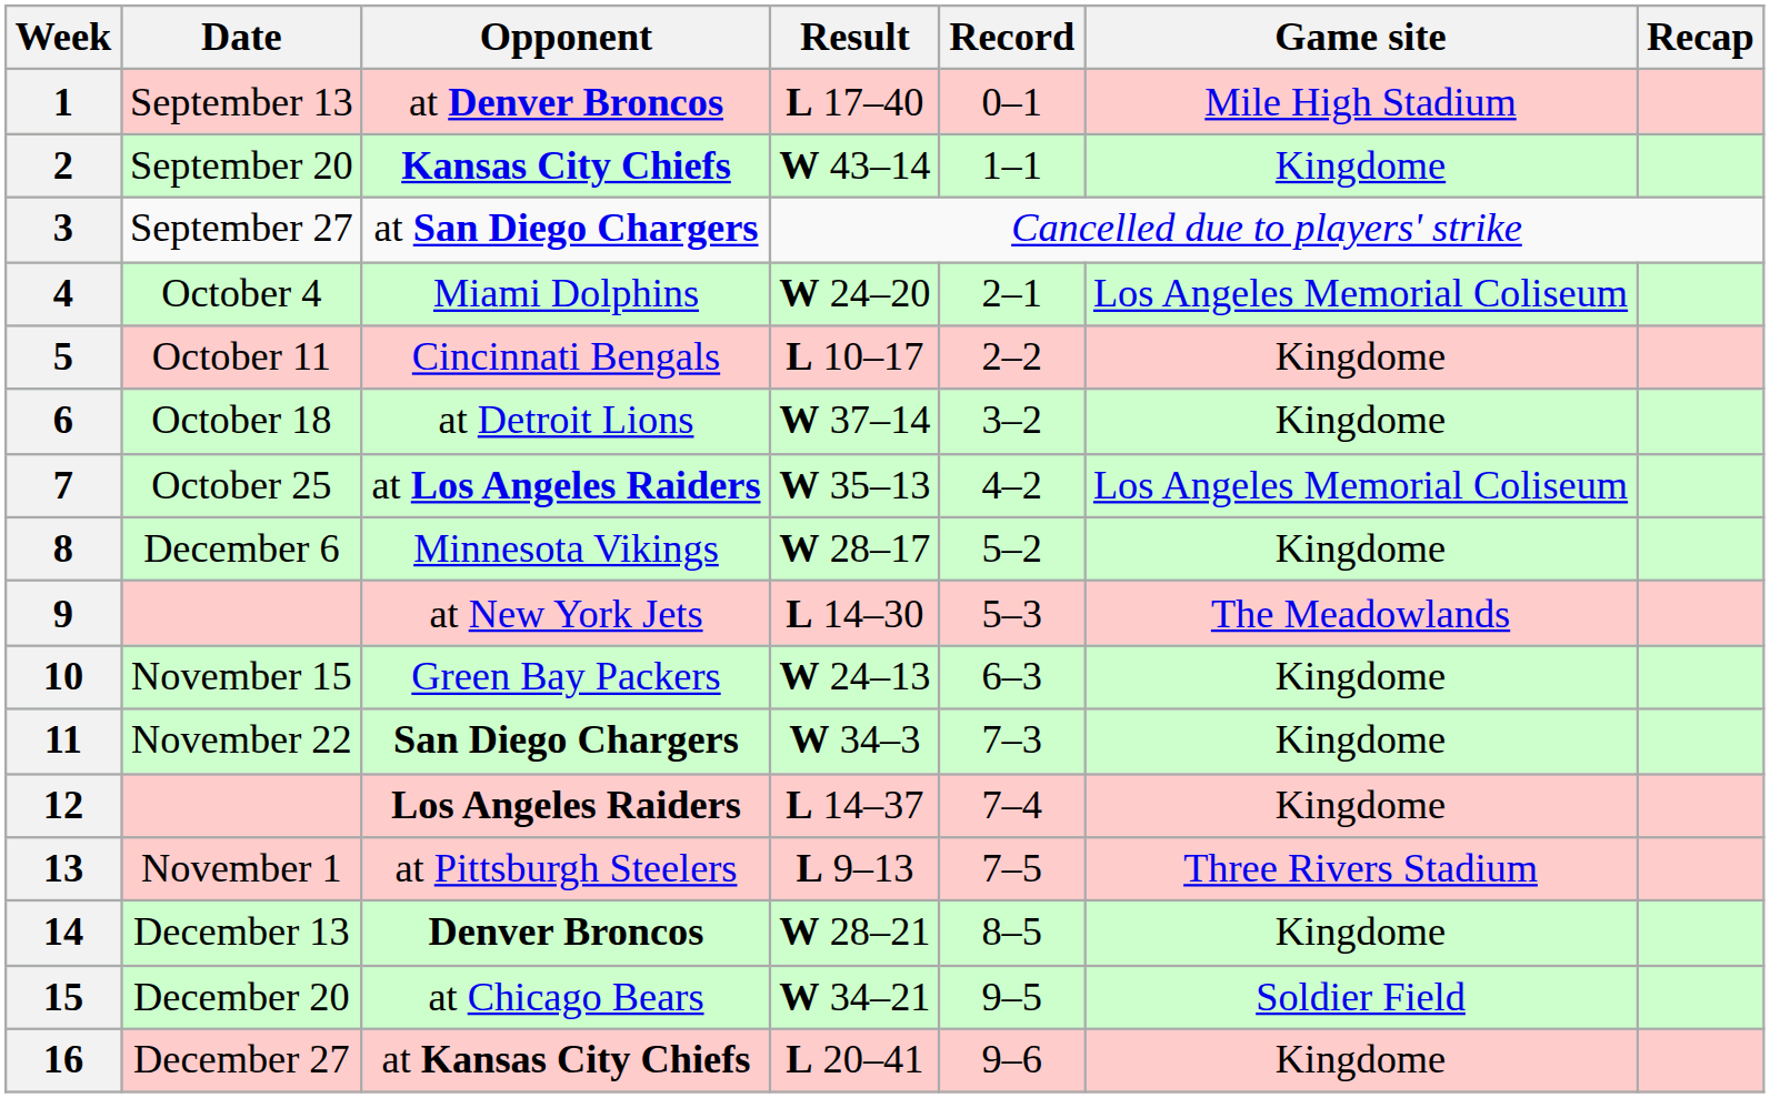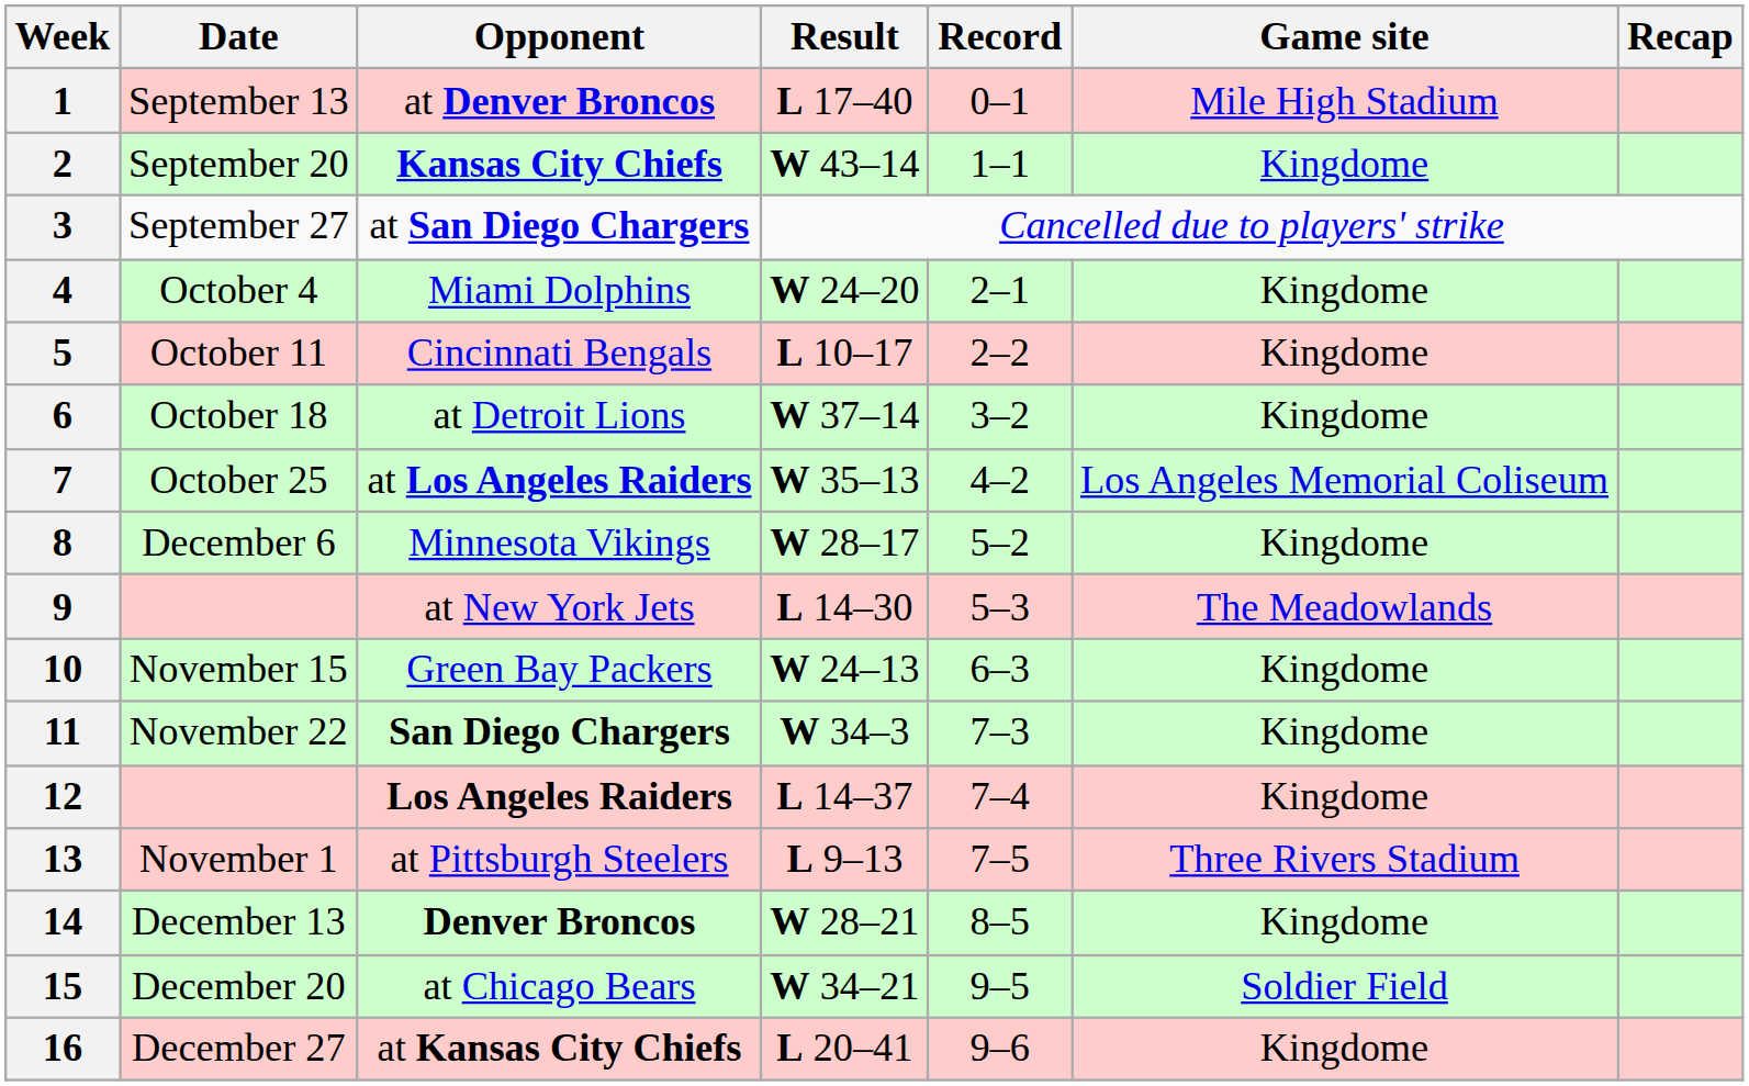 <table class="wikitable" style="text-align:center">
 <tr>
 <th>Week</th>
 <th>Date</th>
 <th>Opponent</th>
 <th>Result</th>
 <th>Record</th>
 <th>Game site</th>
 <th>Recap</th>
 </tr>
 <tr style="background:#fcc">
 <th>1</th>
 <td>September 13</td>
 <td>at <strong><a href='#'>Denver Broncos</a></strong></td>
 <td><strong>L</strong> 17–40</td>
 <td>0–1</td>
 <td><a href='#'>Mile High Stadium</a></td>
 <td></td>
 </tr>
 <tr style="background:#cfc">
 <th>2</th>
 <td>September 20</td>
 <td><strong><a href='#'>Kansas City Chiefs</a></strong></td>
 <td><strong>W</strong> 43–14</td>
 <td>1–1</td>
 <td><a href='#'>Kingdome</a></td>
 <td></td>
 </tr>
 <tr>
 <th>3</th>
 <td>September 27</td>
 <td>at <strong><a href='#'>San Diego Chargers</a></strong></td>
 <td colspan="4"><em><a href='#'>Cancelled due to players' strike</a></em></td>
 </tr>
 <tr style="background:#cfc">
 <th>4</th>
 <td>October 4</td>
 <td><a href='#'>Miami Dolphins</a></td>
 <td><strong>W</strong> 24–20</td>
 <td>2–1</td>
-<td><a href='#'>Los Angeles Memorial Coliseum</a></td>
+<td>Kingdome</td>
 <td></td>
 </tr>
 <tr style="background:#fcc">
 <th>5</th>
 <td>October 11</td>
 <td><a href='#'>Cincinnati Bengals</a></td>
 <td><strong>L</strong> 10–17</td>
 <td>2–2</td>
 <td>Kingdome</td>
 <td></td>
 </tr>
 <tr style="background:#cfc">
 <th>6</th>
 <td>October 18</td>
 <td>at <a href='#'>Detroit Lions</a></td>
 <td><strong>W</strong> 37–14</td>
 <td>3–2</td>
 <td>Kingdome</td>
 <td></td>
 </tr>
 <tr style="background:#cfc">
 <th>7</th>
 <td>October 25</td>
 <td>at <strong><a href='#'>Los Angeles Raiders</a></strong></td>
 <td><strong>W</strong> 35–13</td>
 <td>4–2</td>
 <td><a href='#'>Los Angeles Memorial Coliseum</a></td>
 <td></td>
 </tr>
 <tr style="background:#cfc">
 <th>8</th>
 <td>December 6</td>
 <td><a href='#'>Minnesota Vikings</a></td>
 <td><strong>W</strong> 28–17</td>
 <td>5–2</td>
 <td>Kingdome</td>
 <td></td>
 </tr>
 <tr style="background:#fcc">
 <th>9</th>
 <td></td>
 <td>at <a href='#'>New York Jets</a></td>
 <td><strong>L</strong> 14–30</td>
 <td>5–3</td>
 <td><a href='#'>The Meadowlands</a></td>
 <td></td>
 </tr>
 <tr style="background:#cfc">
 <th>10</th>
 <td>November 15</td>
 <td><a href='#'>Green Bay Packers</a></td>
 <td><strong>W</strong> 24–13</td>
 <td>6–3</td>
 <td>Kingdome</td>
 <td></td>
 </tr>
 <tr style="background:#cfc">
 <th>11</th>
 <td>November 22</td>
 <td><strong>San Diego Chargers</strong></td>
 <td><strong>W</strong> 34–3</td>
 <td>7–3</td>
 <td>Kingdome</td>
 <td></td>
 </tr>
 <tr style="background:#fcc">
 <th>12</th>
 <td></td>
 <td><strong>Los Angeles Raiders</strong></td>
 <td><strong>L</strong> 14–37</td>
 <td>7–4</td>
 <td>Kingdome</td>
 <td></td>
 </tr>
 <tr style="background:#fcc">
 <th>13</th>
 <td>November 1</td>
 <td>at <a href='#'>Pittsburgh Steelers</a></td>
 <td><strong>L</strong> 9–13</td>
 <td>7–5</td>
 <td><a href='#'>Three Rivers Stadium</a></td>
 <td></td>
 </tr>
 <tr style="background:#cfc">
 <th>14</th>
 <td>December 13</td>
 <td><strong>Denver Broncos</strong></td>
 <td><strong>W</strong> 28–21</td>
 <td>8–5</td>
 <td>Kingdome</td>
 <td></td>
 </tr>
 <tr style="background:#cfc">
 <th>15</th>
 <td>December 20</td>
 <td>at <a href='#'>Chicago Bears</a></td>
 <td><strong>W</strong> 34–21</td>
 <td>9–5</td>
 <td><a href='#'>Soldier Field</a></td>
 <td></td>
 </tr>
 <tr style="background:#fcc">
 <th>16</th>
 <td>December 27</td>
 <td>at <strong>Kansas City Chiefs</strong></td>
 <td><strong>L</strong> 20–41</td>
 <td>9–6</td>
 <td>Kingdome</td>
 <td></td>
 </tr>
 </table>
